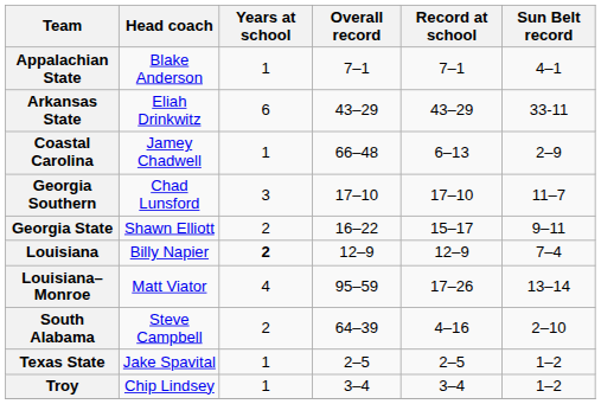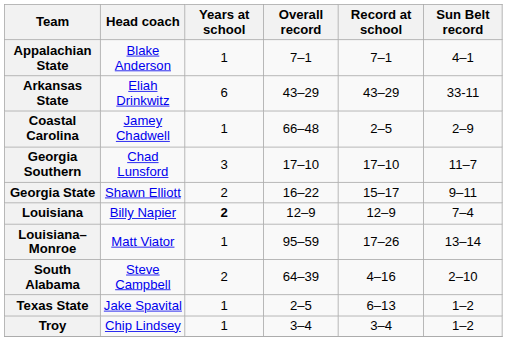 <table class="wikitable sortable" style="text-align: center;">
 <tr>
 <th style="width:110px;">Team</th>
 <th>Head coach</th>
 <th>Years at school</th>
 <th>Overall record</th>
 <th>Record at school</th>
 <th>Sun Belt record</th>
 </tr>
 <tr>
 <th>Appalachian State</th>
 <td><a href='#'>Blake Anderson</a></td>
 <td>1</td>
 <td>7–1</td>
 <td>7–1</td>
 <td>4–1</td>
 </tr>
 <tr>
 <th>Arkansas State</th>
 <td><a href='#'>Eliah Drinkwitz</a></td>
 <td>6</td>
 <td>43–29</td>
 <td>43–29</td>
 <td>33-11</td>
 </tr>
 <tr>
 <th>Coastal Carolina</th>
 <td><a href='#'>Jamey Chadwell</a></td>
 <td>1</td>
 <td>66–48</td>
-<td>6–13</td>
+<td>2–5</td>
 <td>2–9</td>
 </tr>
 <tr>
 <th>Georgia Southern</th>
 <td><a href='#'>Chad Lunsford</a></td>
 <td>3</td>
 <td>17–10</td>
 <td>17–10</td>
 <td>11–7</td>
 </tr>
 <tr>
 <th>Georgia State</th>
 <td><a href='#'>Shawn Elliott</a></td>
 <td>2</td>
 <td>16–22</td>
 <td>15–17</td>
 <td>9–11</td>
 </tr>
 <tr>
 <th>Louisiana</th>
 <td><a href='#'>Billy Napier</a></td>
 <td><strong>2</strong></td>
 <td>12–9</td>
 <td>12–9</td>
 <td>7–4</td>
 </tr>
 <tr>
 <th>Louisiana–Monroe</th>
 <td><a href='#'>Matt Viator</a></td>
-<td>4</td>
+<td>1</td>
 <td>95–59</td>
 <td>17–26</td>
 <td>13–14</td>
 </tr>
 <tr>
 <th>South Alabama</th>
 <td><a href='#'>Steve Campbell</a></td>
 <td>2</td>
 <td>64–39</td>
 <td>4–16</td>
 <td>2–10</td>
 </tr>
 <tr>
 <th>Texas State</th>
 <td><a href='#'>Jake Spavital</a></td>
 <td>1</td>
 <td>2–5</td>
-<td>2–5</td>
+<td>6–13</td>
 <td>1–2</td>
 </tr>
 <tr>
 <th>Troy</th>
 <td><a href='#'>Chip Lindsey</a></td>
 <td>1</td>
 <td>3–4</td>
 <td>3–4</td>
 <td>1–2</td>
 </tr>
 <tr>
 </tr>
 </table>
